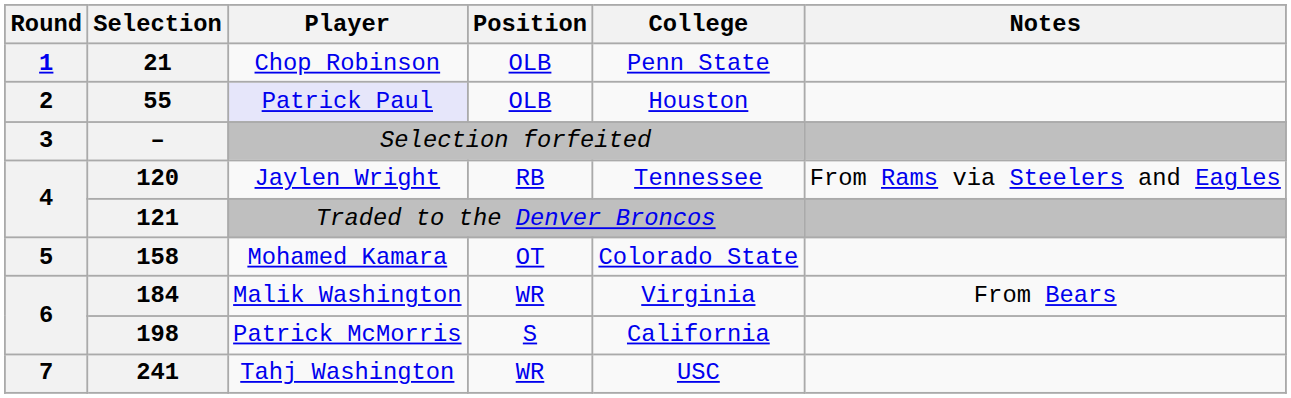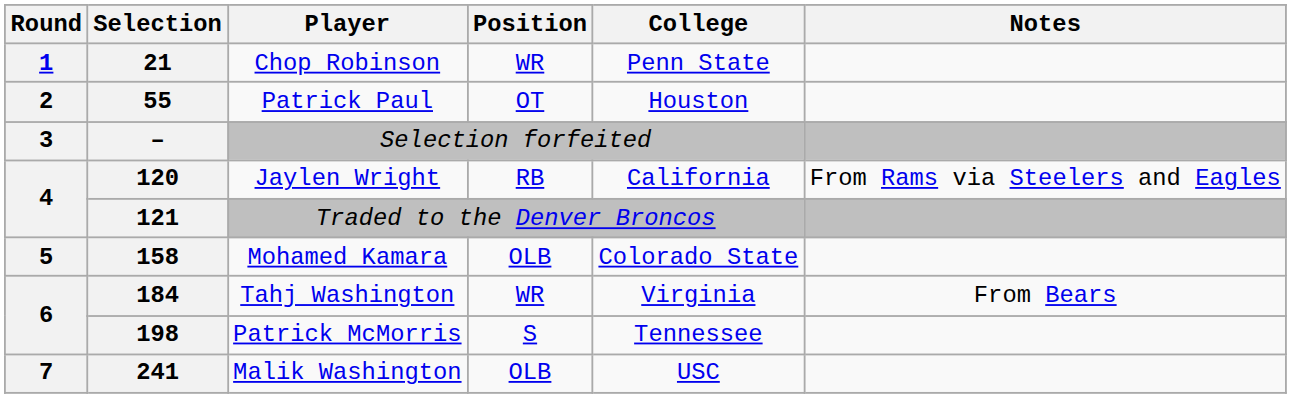 <table class="wikitable" style="text-align:center">
 <tr>
 <th>Round</th>
 <th>Selection</th>
 <th>Player</th>
 <th>Position</th>
 <th>College</th>
 <th>Notes</th>
 </tr>
 <tr>
 <th><a href='#'>1</a></th>
 <th>21</th>
 <td><a href='#'>Chop Robinson</a></td>
-<td><a href='#'>OLB</a></td>
+<td><a href='#'>WR</a></td>
 <td><a href='#'>Penn State</a></td>
 <td></td>
 </tr>
 <tr>
 <th>2</th>
 <th>55</th>
-<td style="background: lavender;"><a href='#'>Patrick Paul</a></td>
-<td><a href='#'>OLB</a></td>
+<td><a href='#'>Patrick Paul</a></td>
+<td><a href='#'>OT</a></td>
 <td><a href='#'>Houston</a></td>
 <td></td>
 </tr>
 <tr>
 <th>3</th>
 <th>–</th>
 <td colspan=3 style="background:#BFBFBF"><em>Selection forfeited</em></td>
 <td style="background:#BFBFBF"></td>
 </tr>
 <tr>
 <th rowspan=2>4</th>
 <th>120</th>
 <td><a href='#'>Jaylen Wright</a></td>
 <td><a href='#'>RB</a></td>
-<td><a href='#'>Tennessee</a></td>
+<td><a href='#'>California</a></td>
 <td>From <a href='#'>Rams</a> via <a href='#'>Steelers</a> and <a href='#'>Eagles</a></td>
 </tr>
 <tr>
 <th>121</th>
 <td colspan=3 style="background:#BFBFBF"><em>Traded to the <a href='#'>Denver Broncos</a></em></td>
 <td style="background:#BFBFBF"></td>
 </tr>
 <tr>
 <th>5</th>
 <th>158</th>
 <td><a href='#'>Mohamed Kamara</a></td>
-<td><a href='#'>OT</a></td>
+<td><a href='#'>OLB</a></td>
 <td><a href='#'>Colorado State</a></td>
 <td></td>
 </tr>
 <tr>
 <th rowspan=2>6</th>
 <th>184</th>
-<td><a href='#'>Malik Washington</a></td>
+<td><a href='#'>Tahj Washington</a></td>
 <td><a href='#'>WR</a></td>
 <td><a href='#'>Virginia</a></td>
 <td>From <a href='#'>Bears</a></td>
 </tr>
 <tr>
 <th>198</th>
 <td><a href='#'>Patrick McMorris</a></td>
 <td><a href='#'>S</a></td>
-<td><a href='#'>California</a></td>
+<td><a href='#'>Tennessee</a></td>
 <td></td>
 </tr>
 <tr>
 <th>7</th>
 <th>241</th>
-<td><a href='#'>Tahj Washington</a></td>
-<td><a href='#'>WR</a></td>
+<td><a href='#'>Malik Washington</a></td>
+<td><a href='#'>OLB</a></td>
 <td><a href='#'>USC</a></td>
 <td></td>
 </tr>
 </table>
